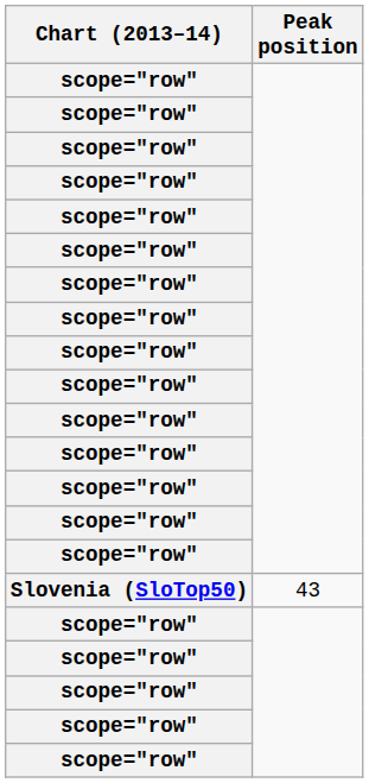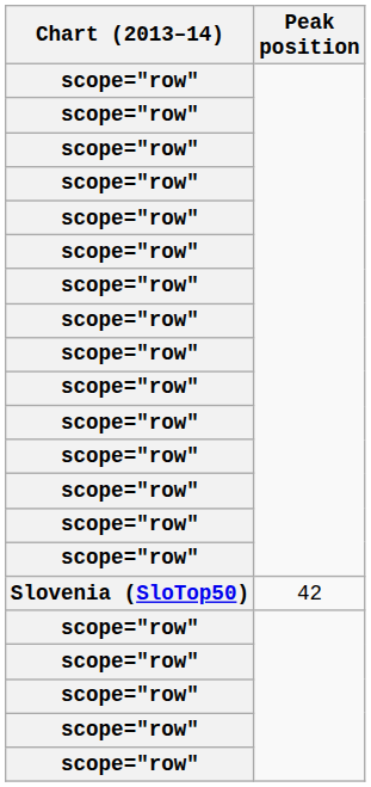 <table class="wikitable sortable plainrowheaders">
 <tr>
 <th scope="col">Chart (2013–14)</th>
 <th scope="col">Peak<br>position</th>
 </tr>
 <tr>
 <th>scope="row" </th>
 </tr>
 <tr>
 <th>scope="row" </th>
 </tr>
 <tr>
 <th>scope="row" </th>
 </tr>
 <tr>
 <th>scope="row" </th>
 </tr>
 <tr>
 <th>scope="row" </th>
 </tr>
 <tr>
 <th>scope="row" </th>
 </tr>
 <tr>
 <th>scope="row" </th>
 </tr>
 <tr>
 <th>scope="row" </th>
 </tr>
 <tr>
 <th>scope="row" </th>
 </tr>
 <tr>
 <th>scope="row" </th>
 </tr>
 <tr>
 <th>scope="row" </th>
 </tr>
 <tr>
 <th>scope="row" </th>
 </tr>
 <tr>
 <th>scope="row" </th>
 </tr>
 <tr>
 <th>scope="row" </th>
 </tr>
 <tr>
 <th>scope="row" </th>
 </tr>
 <tr>
 <th scope="row">Slovenia (<a href='#'>SloTop50</a>)</th>
-<td align=center>43</td>
+<td align=center>42</td>
 </tr>
 <tr>
 <th>scope="row" </th>
 </tr>
 <tr>
 <th>scope="row" </th>
 </tr>
 <tr>
 <th>scope="row" </th>
 </tr>
 <tr>
 <th>scope="row" </th>
 </tr>
 <tr>
 <th>scope="row" </th>
 </tr>
 </table>
